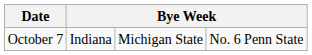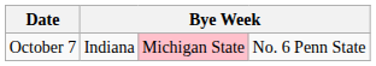 <table class="wikitable" style="font-size:95%;">
 <tr>
 <th>Date</th>
 <th colspan="3">Bye Week</th>
 </tr>
 <tr>
 <td>October 7</td>
 <td>Indiana</td>
-<td>Michigan State</td>
+<td style="background: pink;">Michigan State</td>
 <td>No. 6 Penn State</td>
 </tr>
 </table>
